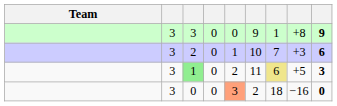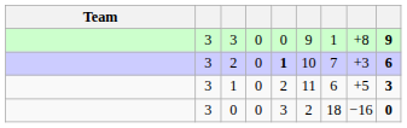 <table class=wikitable style="text-align:center">
 <tr>
 <th width=200>Team</th>
 <th width=20></th>
 <th width=20></th>
 <th width=20></th>
 <th width=20></th>
 <th width=20></th>
 <th width=20></th>
 <th width=20></th>
 <th width=20></th>
 </tr>
 <tr bgcolor=#ccffcc>
 <td align=left></td>
 <td>3</td>
 <td>3</td>
 <td>0</td>
 <td>0</td>
 <td>9</td>
 <td>1</td>
 <td>+8</td>
 <td><strong>9</strong></td>
 </tr>
 <tr bgcolor=#ccccff>
 <td align=left></td>
 <td>3</td>
 <td>2</td>
 <td>0</td>
-<td>1</td>
+<td><strong>1</strong></td>
 <td>10</td>
 <td>7</td>
 <td>+3</td>
 <td><strong>6</strong></td>
 </tr>
 <tr>
 <td align=left></td>
 <td>3</td>
-<td style="background: lightgreen;">1</td>
+<td>1</td>
 <td>0</td>
 <td>2</td>
 <td>11</td>
-<td style="background: khaki;">6</td>
+<td>6</td>
 <td>+5</td>
 <td><strong>3</strong></td>
 </tr>
 <tr>
 <td align=left></td>
 <td>3</td>
 <td>0</td>
 <td>0</td>
-<td style="background: lightsalmon;">3</td>
+<td>3</td>
 <td>2</td>
 <td>18</td>
 <td>−16</td>
 <td><strong>0</strong></td>
 </tr>
 </table>
